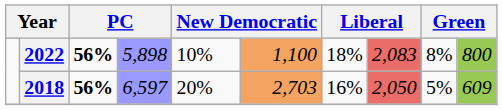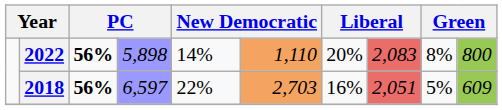 <table class="wikitable" style="float:right; width:400; font-size:90%; margin-left:1em;">
 <tr>
 <th colspan="2" scope="col">Year</th>
 <th colspan="2" scope="col"><a href='#'>PC</a></th>
 <th colspan="2" scope="col"><a href='#'>New Democratic</a></th>
 <th colspan="2" scope="col"><a href='#'>Liberal</a></th>
 <th colspan="2" scope="col"><a href='#'>Green</a></th>
 </tr>
 <tr>
 <td rowspan="2" style="width: 0.25em; background-color: "></td>
 <th><a href='#'>2022</a></th>
 <td><strong>56%</strong></td>
 <td style="text-align:right; background:#9999FF;"><em>5,898</em></td>
-<td>10%</td>
-<td style="text-align:right; background:#F4A460;"><em>1,100</em></td>
-<td>18%</td>
+<td>14%</td>
+<td style="text-align:right; background:#F4A460;"><em>1,110</em></td>
+<td>20%</td>
 <td style="text-align:right; background:#EA6D6A;"><em>2,083</em></td>
 <td>8%</td>
 <td style="text-align:right; background:#99C955;"><em>800</em></td>
 </tr>
 <tr>
 <th><a href='#'>2018</a></th>
 <td><strong>56%</strong></td>
 <td style="text-align:right; background:#9999FF;"><em>6,597</em></td>
-<td>20%</td>
+<td>22%</td>
 <td style="text-align:right; background:#F4A460;"><em>2,703</em></td>
 <td>16%</td>
-<td style="text-align:right; background:#EA6D6A;"><em>2,050</em></td>
+<td style="text-align:right; background:#EA6D6A;"><em>2,051</em></td>
 <td>5%</td>
 <td style="text-align:right; background:#99C955;"><em>609</em></td>
 </tr>
 <tr>
 </tr>
 </table>
